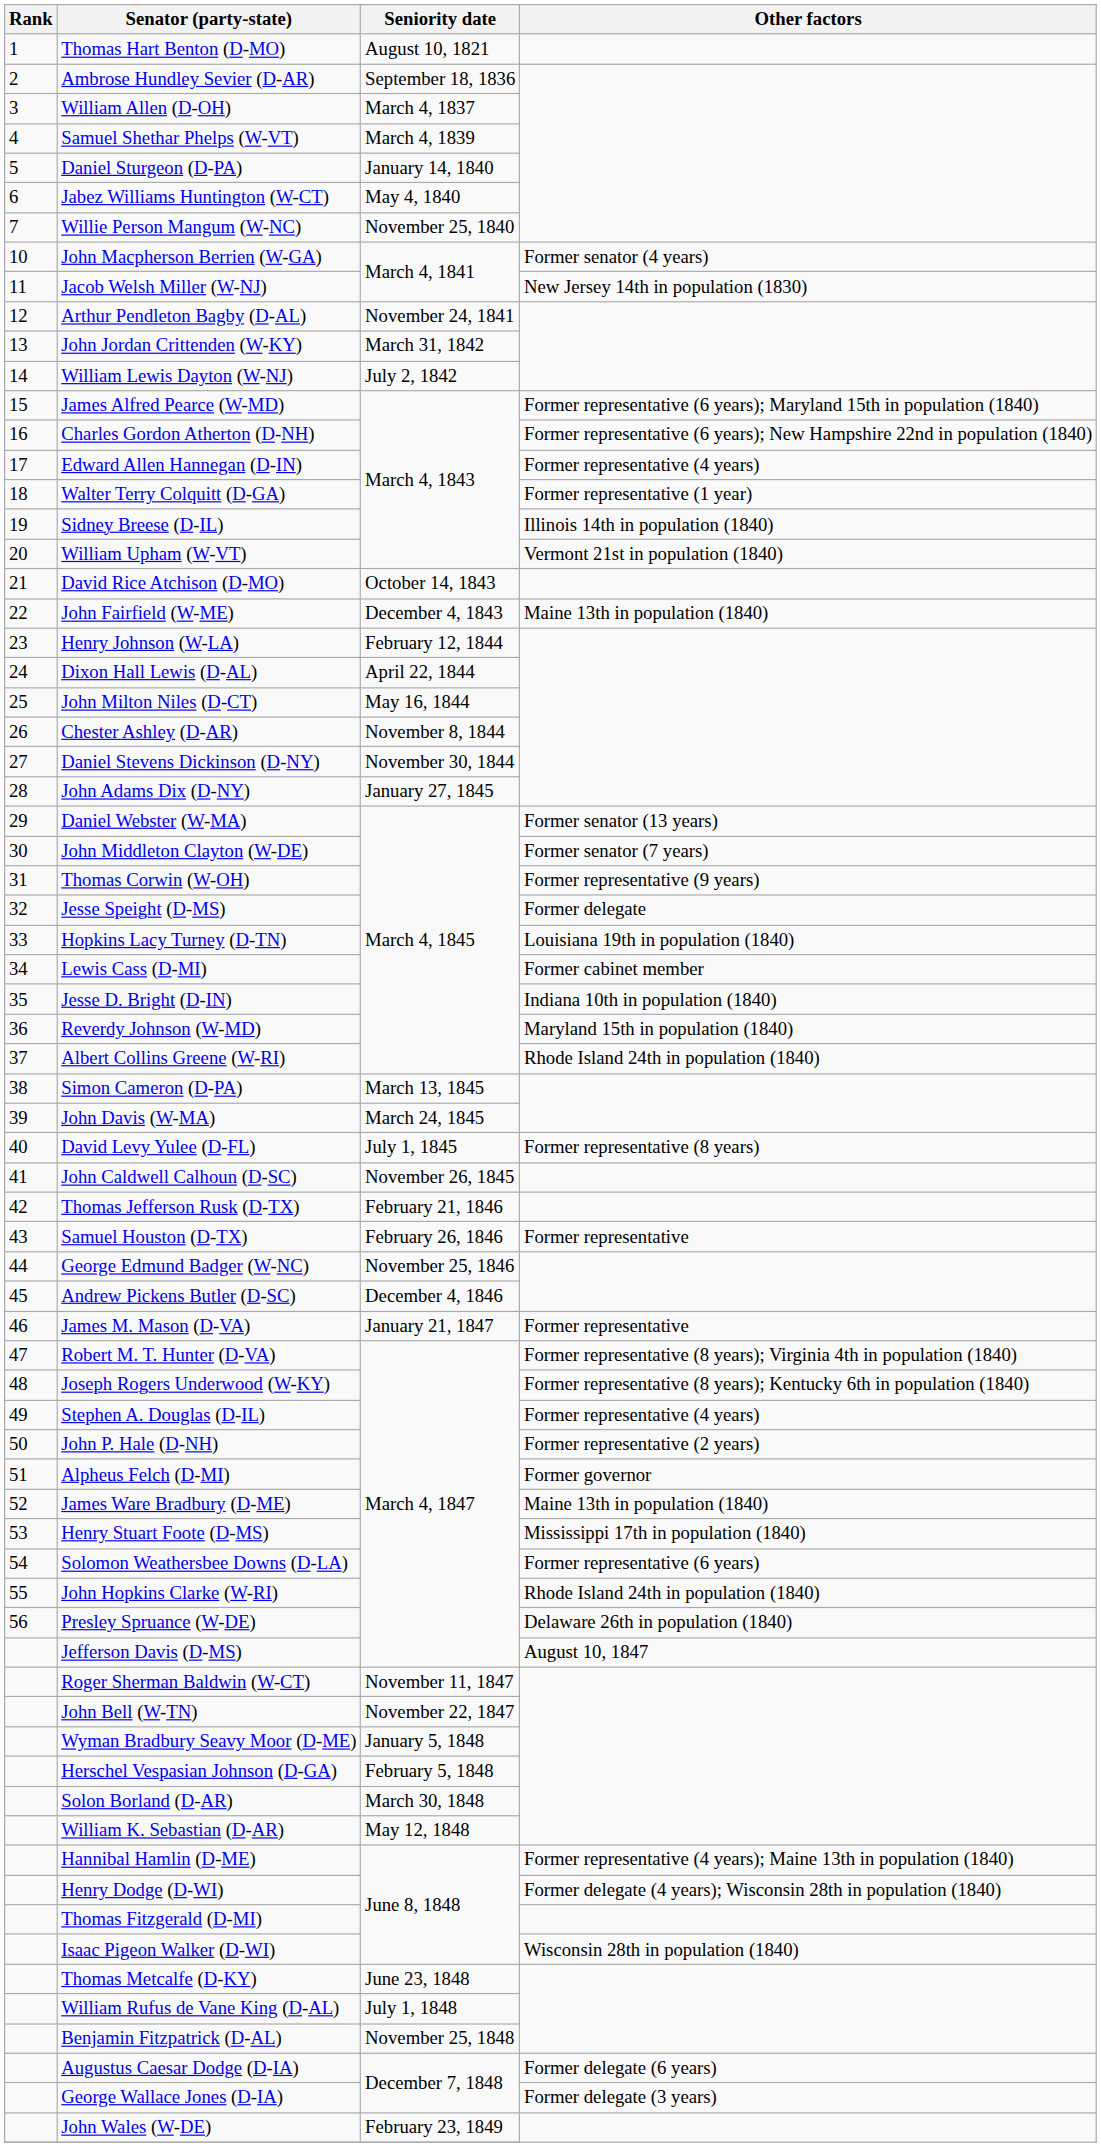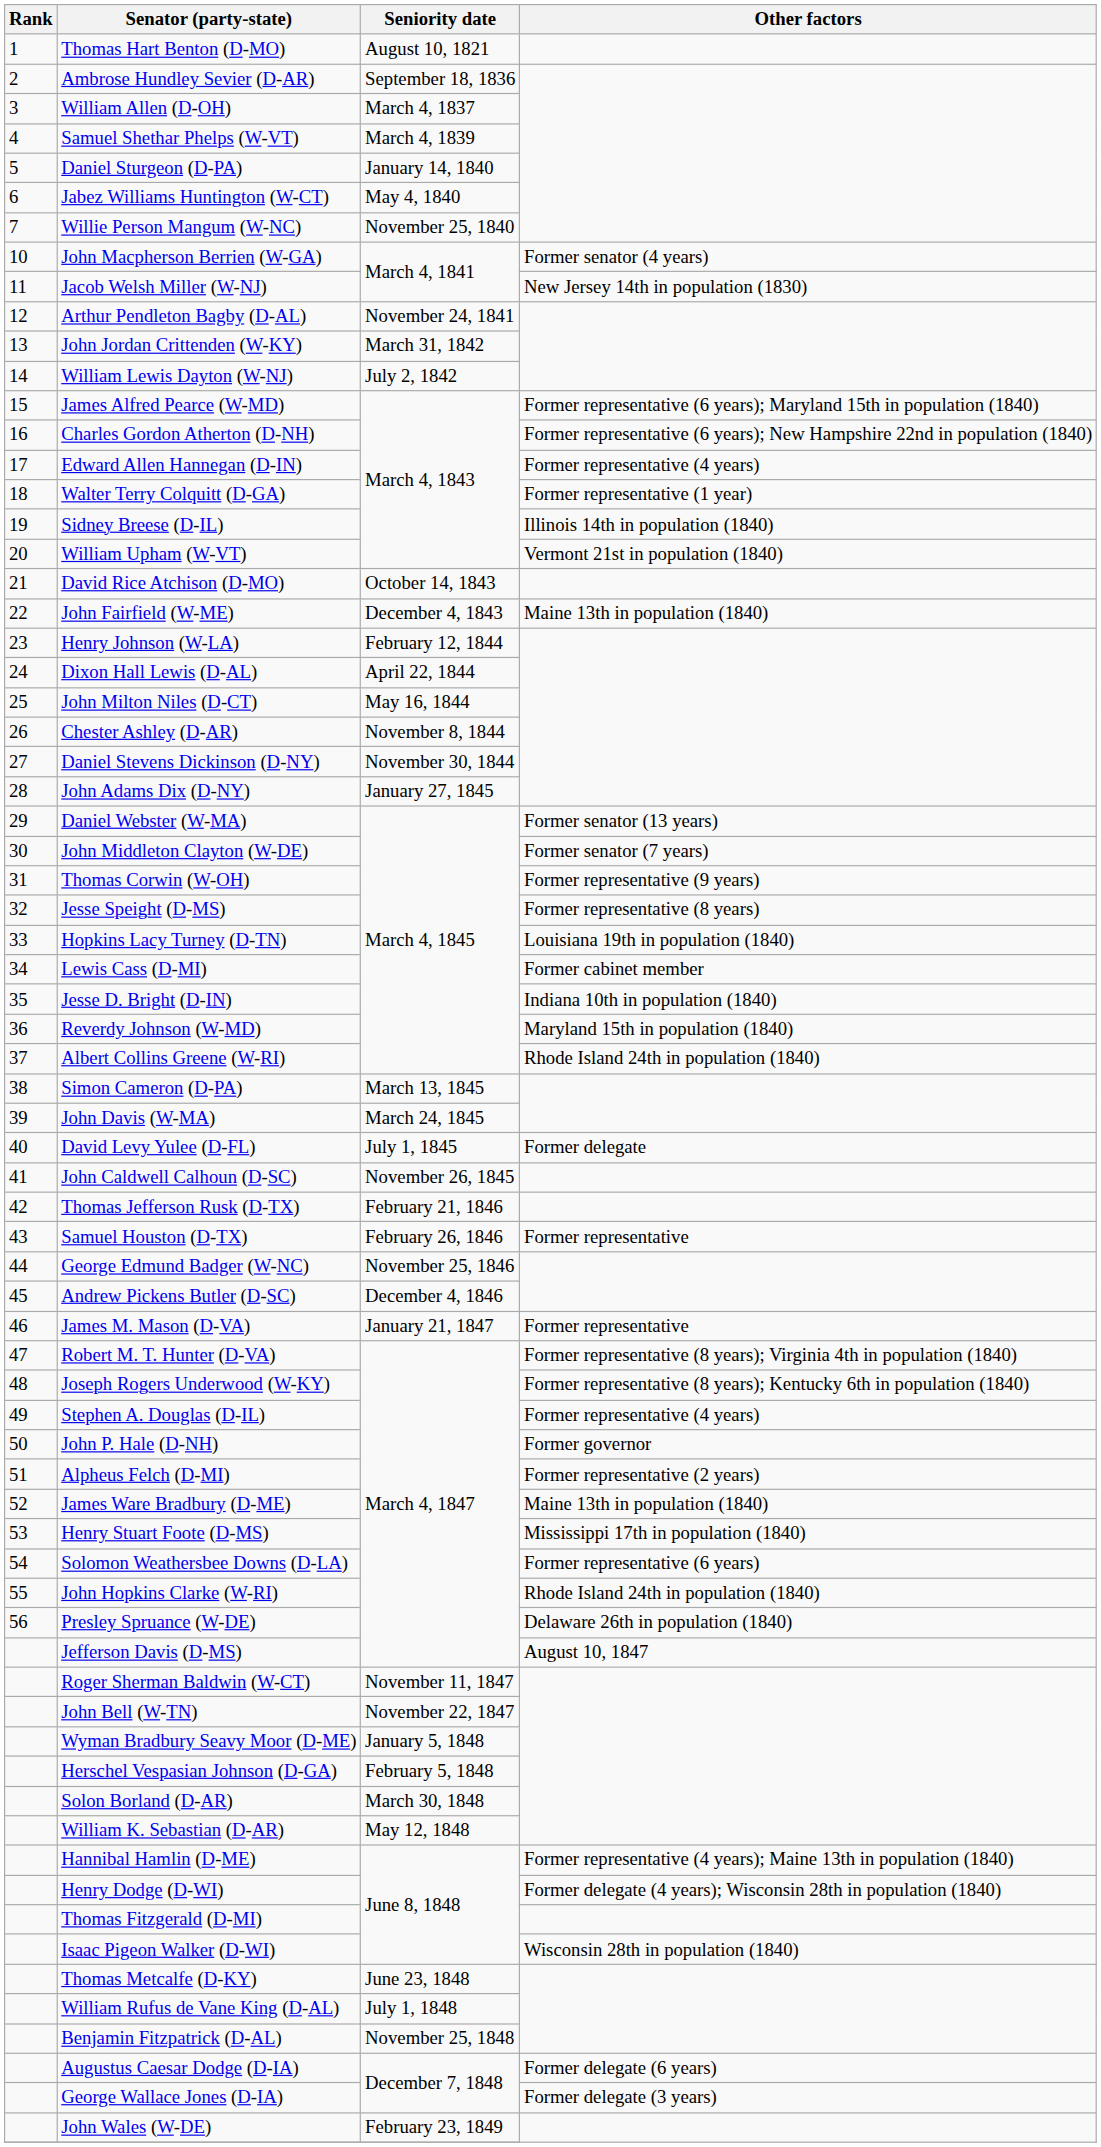 <table class=wikitable>
 <tr>
 <th>Rank</th>
 <th>Senator (party-state)</th>
 <th>Seniority date</th>
 <th>Other factors</th>
 </tr>
 <tr>
 <td>1</td>
 <td><a href='#'>Thomas Hart Benton</a> (<a href='#'>D</a>-<a href='#'>MO</a>)</td>
 <td>August 10, 1821</td>
 <td></td>
 </tr>
 <tr>
 <td>2</td>
 <td><a href='#'>Ambrose Hundley Sevier</a> (<a href='#'>D</a>-<a href='#'>AR</a>)</td>
 <td>September 18, 1836</td>
 </tr>
 <tr>
 <td>3</td>
 <td><a href='#'>William Allen</a> (<a href='#'>D</a>-<a href='#'>OH</a>)</td>
 <td>March 4, 1837</td>
 </tr>
 <tr>
 <td>4</td>
 <td><a href='#'>Samuel Shethar Phelps</a> (<a href='#'>W</a>-<a href='#'>VT</a>)</td>
 <td>March 4, 1839</td>
 </tr>
 <tr>
 <td>5</td>
 <td><a href='#'>Daniel Sturgeon</a> (<a href='#'>D</a>-<a href='#'>PA</a>)</td>
 <td>January 14, 1840</td>
 </tr>
 <tr>
 <td>6</td>
 <td><a href='#'>Jabez Williams Huntington</a> (<a href='#'>W</a>-<a href='#'>CT</a>)</td>
 <td>May 4, 1840</td>
 </tr>
 <tr>
 <td>7</td>
 <td><a href='#'>Willie Person Mangum</a> (<a href='#'>W</a>-<a href='#'>NC</a>)</td>
 <td>November 25, 1840</td>
 </tr>
 <tr>
 <td>10</td>
 <td><a href='#'>John Macpherson Berrien</a> (<a href='#'>W</a>-<a href='#'>GA</a>)</td>
 <td rowspan=2>March 4, 1841</td>
 <td>Former senator (4 years)</td>
 </tr>
 <tr>
 <td>11</td>
 <td><a href='#'>Jacob Welsh Miller</a> (<a href='#'>W</a>-<a href='#'>NJ</a>)</td>
 <td>New Jersey 14th in population (1830)</td>
 </tr>
 <tr>
 <td>12</td>
 <td><a href='#'>Arthur Pendleton Bagby</a> (<a href='#'>D</a>-<a href='#'>AL</a>)</td>
 <td>November 24, 1841</td>
 </tr>
 <tr>
 <td>13</td>
 <td><a href='#'>John Jordan Crittenden</a> (<a href='#'>W</a>-<a href='#'>KY</a>)</td>
 <td>March 31, 1842</td>
 </tr>
 <tr>
 <td>14</td>
 <td><a href='#'>William Lewis Dayton</a> (<a href='#'>W</a>-<a href='#'>NJ</a>)</td>
 <td>July 2, 1842</td>
 </tr>
 <tr>
 <td>15</td>
 <td><a href='#'>James Alfred Pearce</a> (<a href='#'>W</a>-<a href='#'>MD</a>)</td>
 <td rowspan=6>March 4, 1843</td>
 <td>Former representative (6 years); Maryland 15th in population (1840)</td>
 </tr>
 <tr>
 <td>16</td>
 <td><a href='#'>Charles Gordon Atherton</a> (<a href='#'>D</a>-<a href='#'>NH</a>)</td>
 <td>Former representative (6 years); New Hampshire 22nd in population (1840)</td>
 </tr>
 <tr>
 <td>17</td>
 <td><a href='#'>Edward Allen Hannegan</a> (<a href='#'>D</a>-<a href='#'>IN</a>)</td>
 <td>Former representative (4 years)</td>
 </tr>
 <tr>
 <td>18</td>
 <td><a href='#'>Walter Terry Colquitt</a> (<a href='#'>D</a>-<a href='#'>GA</a>)</td>
 <td>Former representative (1 year)</td>
 </tr>
 <tr>
 <td>19</td>
 <td><a href='#'>Sidney Breese</a> (<a href='#'>D</a>-<a href='#'>IL</a>)</td>
 <td>Illinois 14th in population (1840)</td>
 </tr>
 <tr>
 <td>20</td>
 <td><a href='#'>William Upham</a> (<a href='#'>W</a>-<a href='#'>VT</a>)</td>
 <td>Vermont 21st in population (1840)</td>
 </tr>
 <tr>
 <td>21</td>
 <td><a href='#'>David Rice Atchison</a> (<a href='#'>D</a>-<a href='#'>MO</a>)</td>
 <td>October 14, 1843</td>
 </tr>
 <tr>
 <td>22</td>
 <td><a href='#'>John Fairfield</a> (<a href='#'>W</a>-<a href='#'>ME</a>)</td>
 <td>December 4, 1843</td>
 <td>Maine 13th in population (1840)</td>
 </tr>
 <tr>
 <td>23</td>
 <td><a href='#'>Henry Johnson</a> (<a href='#'>W</a>-<a href='#'>LA</a>)</td>
 <td>February 12, 1844</td>
 </tr>
 <tr>
 <td>24</td>
 <td><a href='#'>Dixon Hall Lewis</a> (<a href='#'>D</a>-<a href='#'>AL</a>)</td>
 <td>April 22, 1844</td>
 </tr>
 <tr>
 <td>25</td>
 <td><a href='#'>John Milton Niles</a> (<a href='#'>D</a>-<a href='#'>CT</a>)</td>
 <td>May 16, 1844</td>
 </tr>
 <tr>
 <td>26</td>
 <td><a href='#'>Chester Ashley</a> (<a href='#'>D</a>-<a href='#'>AR</a>)</td>
 <td>November 8, 1844</td>
 </tr>
 <tr>
 <td>27</td>
 <td><a href='#'>Daniel Stevens Dickinson</a> (<a href='#'>D</a>-<a href='#'>NY</a>)</td>
 <td>November 30, 1844</td>
 </tr>
 <tr>
 <td>28</td>
 <td><a href='#'>John Adams Dix</a> (<a href='#'>D</a>-<a href='#'>NY</a>)</td>
 <td>January 27, 1845</td>
 </tr>
 <tr>
 <td>29</td>
 <td><a href='#'>Daniel Webster</a> (<a href='#'>W</a>-<a href='#'>MA</a>)</td>
 <td rowspan=9>March 4, 1845</td>
 <td>Former senator (13 years)</td>
 </tr>
 <tr>
 <td>30</td>
 <td><a href='#'>John Middleton Clayton</a> (<a href='#'>W</a>-<a href='#'>DE</a>)</td>
 <td>Former senator (7 years)</td>
 </tr>
 <tr>
 <td>31</td>
 <td><a href='#'>Thomas Corwin</a> (<a href='#'>W</a>-<a href='#'>OH</a>)</td>
 <td>Former representative (9 years)</td>
 </tr>
 <tr>
 <td>32</td>
 <td><a href='#'>Jesse Speight</a> (<a href='#'>D</a>-<a href='#'>MS</a>)</td>
-<td>Former delegate</td>
+<td>Former representative (8 years)</td>
 </tr>
 <tr>
 <td>33</td>
 <td><a href='#'>Hopkins Lacy Turney</a> (<a href='#'>D</a>-<a href='#'>TN</a>)</td>
 <td>Louisiana 19th in population (1840)</td>
 </tr>
 <tr>
 <td>34</td>
 <td><a href='#'>Lewis Cass</a> (<a href='#'>D</a>-<a href='#'>MI</a>)</td>
 <td>Former cabinet member</td>
 </tr>
 <tr>
 <td>35</td>
 <td><a href='#'>Jesse D. Bright</a> (<a href='#'>D</a>-<a href='#'>IN</a>)</td>
 <td>Indiana 10th in population (1840)</td>
 </tr>
 <tr>
 <td>36</td>
 <td><a href='#'>Reverdy Johnson</a> (<a href='#'>W</a>-<a href='#'>MD</a>)</td>
 <td>Maryland 15th in population (1840)</td>
 </tr>
 <tr>
 <td>37</td>
 <td><a href='#'>Albert Collins Greene</a> (<a href='#'>W</a>-<a href='#'>RI</a>)</td>
 <td>Rhode Island 24th in population (1840)</td>
 </tr>
 <tr>
 <td>38</td>
 <td><a href='#'>Simon Cameron</a> (<a href='#'>D</a>-<a href='#'>PA</a>)</td>
 <td>March 13, 1845</td>
 </tr>
 <tr>
 <td>39</td>
 <td><a href='#'>John Davis</a> (<a href='#'>W</a>-<a href='#'>MA</a>)</td>
 <td>March 24, 1845</td>
 </tr>
 <tr>
 <td>40</td>
 <td><a href='#'>David Levy Yulee</a> (<a href='#'>D</a>-<a href='#'>FL</a>)</td>
 <td>July 1, 1845</td>
-<td>Former representative (8 years)</td>
+<td>Former delegate</td>
 </tr>
 <tr>
 <td>41</td>
 <td><a href='#'>John Caldwell Calhoun</a> (<a href='#'>D</a>-<a href='#'>SC</a>)</td>
 <td>November 26, 1845</td>
 </tr>
 <tr>
 <td>42</td>
 <td><a href='#'>Thomas Jefferson Rusk</a> (<a href='#'>D</a>-<a href='#'>TX</a>)</td>
 <td>February 21, 1846</td>
 <td></td>
 </tr>
 <tr>
 <td>43</td>
 <td><a href='#'>Samuel Houston</a> (<a href='#'>D</a>-<a href='#'>TX</a>)</td>
 <td>February 26, 1846</td>
 <td>Former representative</td>
 </tr>
 <tr>
 <td>44</td>
 <td><a href='#'>George Edmund Badger</a> (<a href='#'>W</a>-<a href='#'>NC</a>)</td>
 <td>November 25, 1846</td>
 </tr>
 <tr>
 <td>45</td>
 <td><a href='#'>Andrew Pickens Butler</a> (<a href='#'>D</a>-<a href='#'>SC</a>)</td>
 <td>December 4, 1846</td>
 </tr>
 <tr>
 <td>46</td>
 <td><a href='#'>James M. Mason</a> (<a href='#'>D</a>-<a href='#'>VA</a>)</td>
 <td>January 21, 1847</td>
 <td>Former representative</td>
 </tr>
 <tr>
 <td>47</td>
 <td><a href='#'>Robert M. T. Hunter</a> (<a href='#'>D</a>-<a href='#'>VA</a>)</td>
 <td rowspan=11>March 4, 1847</td>
 <td>Former representative (8 years); Virginia 4th in population (1840)</td>
 </tr>
 <tr>
 <td>48</td>
 <td><a href='#'>Joseph Rogers Underwood</a> (<a href='#'>W</a>-<a href='#'>KY</a>)</td>
 <td>Former representative (8 years); Kentucky 6th in population (1840)</td>
 </tr>
 <tr>
 <td>49</td>
 <td><a href='#'>Stephen A. Douglas</a> (<a href='#'>D</a>-<a href='#'>IL</a>)</td>
 <td>Former representative (4 years)</td>
 </tr>
 <tr>
 <td>50</td>
 <td><a href='#'>John P. Hale</a> (<a href='#'>D</a>-<a href='#'>NH</a>)</td>
-<td>Former representative (2 years)</td>
+<td>Former governor</td>
 </tr>
 <tr>
 <td>51</td>
 <td><a href='#'>Alpheus Felch</a> (<a href='#'>D</a>-<a href='#'>MI</a>)</td>
-<td>Former governor</td>
+<td>Former representative (2 years)</td>
 </tr>
 <tr>
 <td>52</td>
 <td><a href='#'>James Ware Bradbury</a> (<a href='#'>D</a>-<a href='#'>ME</a>)</td>
 <td>Maine 13th in population (1840)</td>
 </tr>
 <tr>
 <td>53</td>
 <td><a href='#'>Henry Stuart Foote</a> (<a href='#'>D</a>-<a href='#'>MS</a>)</td>
 <td>Mississippi 17th in population (1840)</td>
 </tr>
 <tr>
 <td>54</td>
 <td><a href='#'>Solomon Weathersbee Downs</a> (<a href='#'>D</a>-<a href='#'>LA</a>)</td>
 <td>Former representative (6 years)</td>
 </tr>
 <tr>
 <td>55</td>
 <td><a href='#'>John Hopkins Clarke</a> (<a href='#'>W</a>-<a href='#'>RI</a>)</td>
 <td>Rhode Island 24th in population (1840)</td>
 </tr>
 <tr>
 <td>56</td>
 <td><a href='#'>Presley Spruance</a> (<a href='#'>W</a>-<a href='#'>DE</a>)</td>
 <td>Delaware 26th in population (1840)</td>
 </tr>
 <tr>
 <td></td>
 <td><a href='#'>Jefferson Davis</a> (<a href='#'>D</a>-<a href='#'>MS</a>)</td>
 <td>August 10, 1847</td>
 </tr>
 <tr>
 <td></td>
 <td><a href='#'>Roger Sherman Baldwin</a> (<a href='#'>W</a>-<a href='#'>CT</a>)</td>
 <td>November 11, 1847</td>
 </tr>
 <tr>
 <td></td>
 <td><a href='#'>John Bell</a> (<a href='#'>W</a>-<a href='#'>TN</a>)</td>
 <td>November 22, 1847</td>
 </tr>
 <tr>
 <td></td>
 <td><a href='#'>Wyman Bradbury Seavy Moor</a> (<a href='#'>D</a>-<a href='#'>ME</a>)</td>
 <td>January 5, 1848</td>
 </tr>
 <tr>
 <td></td>
 <td><a href='#'>Herschel Vespasian Johnson</a> (<a href='#'>D</a>-<a href='#'>GA</a>)</td>
 <td>February 5, 1848</td>
 </tr>
 <tr>
 <td></td>
 <td><a href='#'>Solon Borland</a> (<a href='#'>D</a>-<a href='#'>AR</a>)</td>
 <td>March 30, 1848</td>
 </tr>
 <tr>
 <td></td>
 <td><a href='#'>William K. Sebastian</a> (<a href='#'>D</a>-<a href='#'>AR</a>)</td>
 <td>May 12, 1848</td>
 </tr>
 <tr>
 <td></td>
 <td><a href='#'>Hannibal Hamlin</a> (<a href='#'>D</a>-<a href='#'>ME</a>)</td>
 <td rowspan=4>June 8, 1848</td>
 <td>Former representative (4 years); Maine 13th in population (1840)</td>
 </tr>
 <tr>
 <td></td>
 <td><a href='#'>Henry Dodge</a> (<a href='#'>D</a>-<a href='#'>WI</a>)</td>
 <td>Former delegate (4 years); Wisconsin 28th in population (1840)</td>
 </tr>
 <tr>
 <td></td>
 <td><a href='#'>Thomas Fitzgerald</a> (<a href='#'>D</a>-<a href='#'>MI</a>)</td>
 <td></td>
 </tr>
 <tr>
 <td></td>
 <td><a href='#'>Isaac Pigeon Walker</a> (<a href='#'>D</a>-<a href='#'>WI</a>)</td>
 <td>Wisconsin 28th in population (1840)</td>
 </tr>
 <tr>
 <td></td>
 <td><a href='#'>Thomas Metcalfe</a> (<a href='#'>D</a>-<a href='#'>KY</a>)</td>
 <td>June 23, 1848</td>
 </tr>
 <tr>
 <td></td>
 <td><a href='#'>William Rufus de Vane King</a> (<a href='#'>D</a>-<a href='#'>AL</a>)</td>
 <td>July 1, 1848</td>
 </tr>
 <tr>
 <td></td>
 <td><a href='#'>Benjamin Fitzpatrick</a> (<a href='#'>D</a>-<a href='#'>AL</a>)</td>
 <td>November 25, 1848</td>
 </tr>
 <tr>
 <td></td>
 <td><a href='#'>Augustus Caesar Dodge</a> (<a href='#'>D</a>-<a href='#'>IA</a>)</td>
 <td rowspan=2>December 7, 1848</td>
 <td>Former delegate (6 years)</td>
 </tr>
 <tr>
 <td></td>
 <td><a href='#'>George Wallace Jones</a> (<a href='#'>D</a>-<a href='#'>IA</a>)</td>
 <td>Former delegate (3 years)</td>
 </tr>
 <tr>
 <td></td>
 <td><a href='#'>John Wales</a> (<a href='#'>W</a>-<a href='#'>DE</a>)</td>
 <td>February 23, 1849</td>
 </tr>
 <tr>
 </tr>
 </table>
